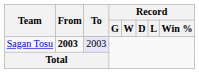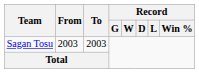 <table class="wikitable" style="text-align: center">
 <tr>
 <th rowspan="2">Team</th>
 <th rowspan="2">From</th>
 <th rowspan="2">To</th>
 <th colspan="5">Record</th>
 </tr>
 <tr>
 <th>G</th>
 <th>W</th>
 <th>D</th>
 <th>L</th>
 <th>Win %</th>
 </tr>
 <tr>
 <td align="left"><a href='#'>Sagan Tosu</a></td>
-<td align="left"><strong>2003</strong></td>
-<td align="left" style="background: lavender;">2003<br></td>
+<td align="left">2003</td>
+<td align="left">2003<br></td>
 </tr>
 <tr>
 <th colspan="3">Total<br></th>
 </tr>
 </table>
